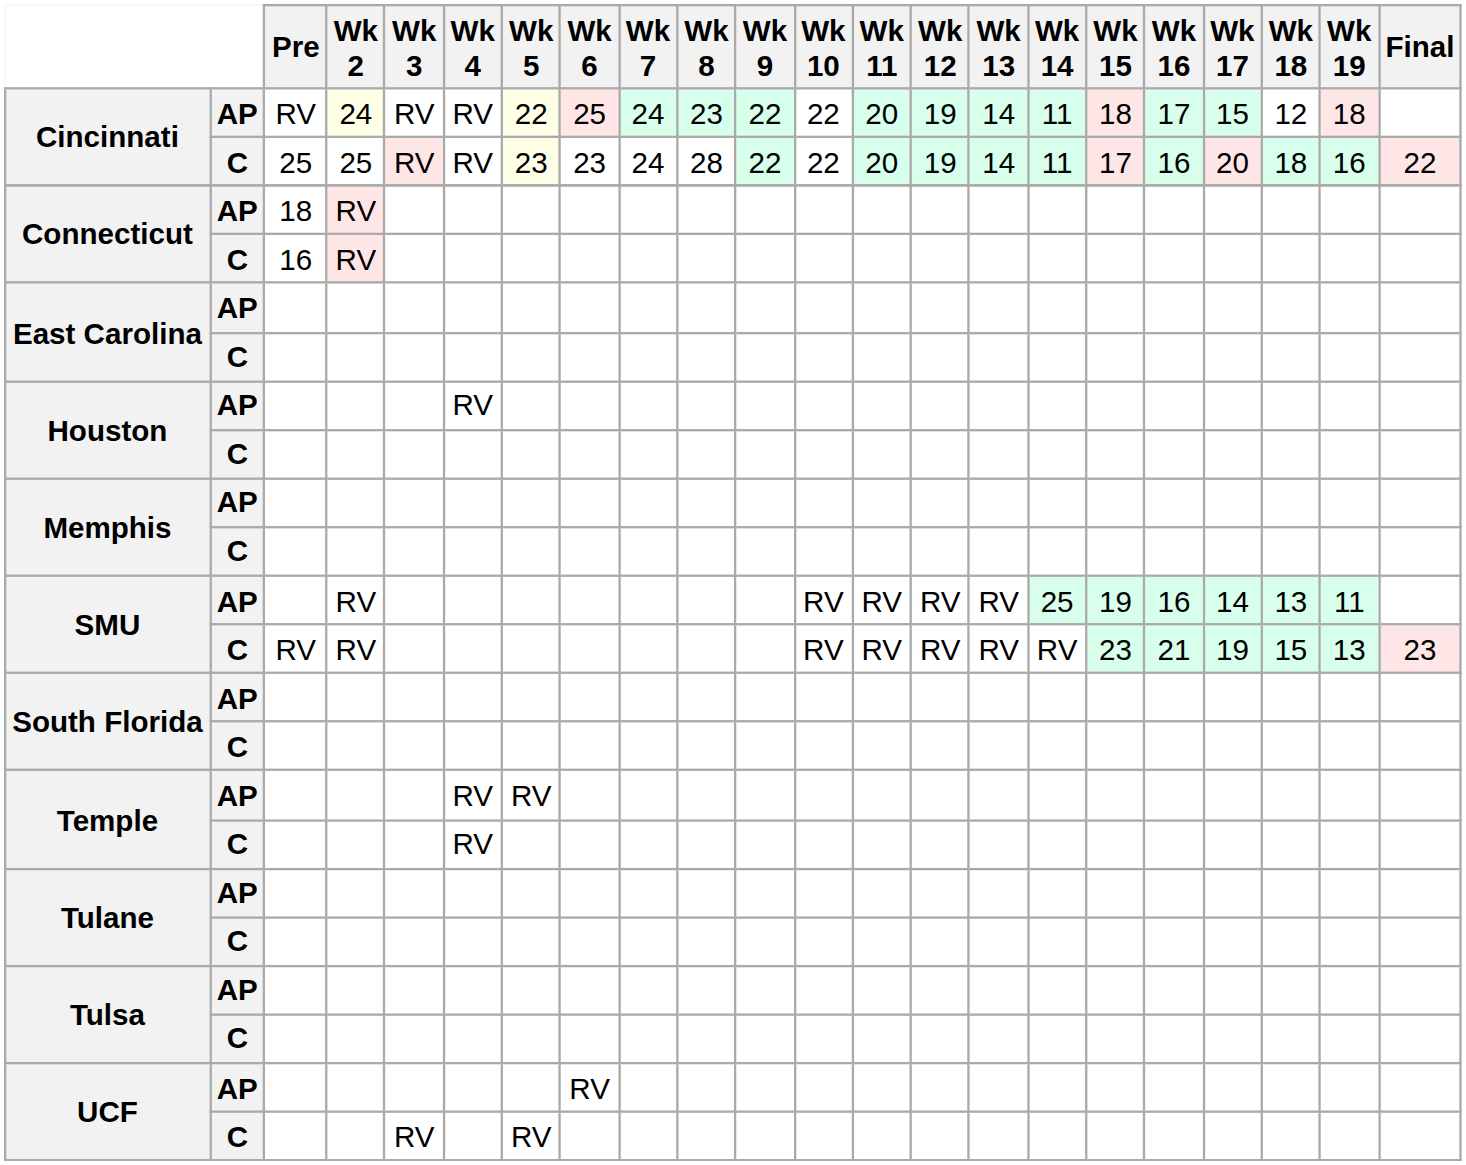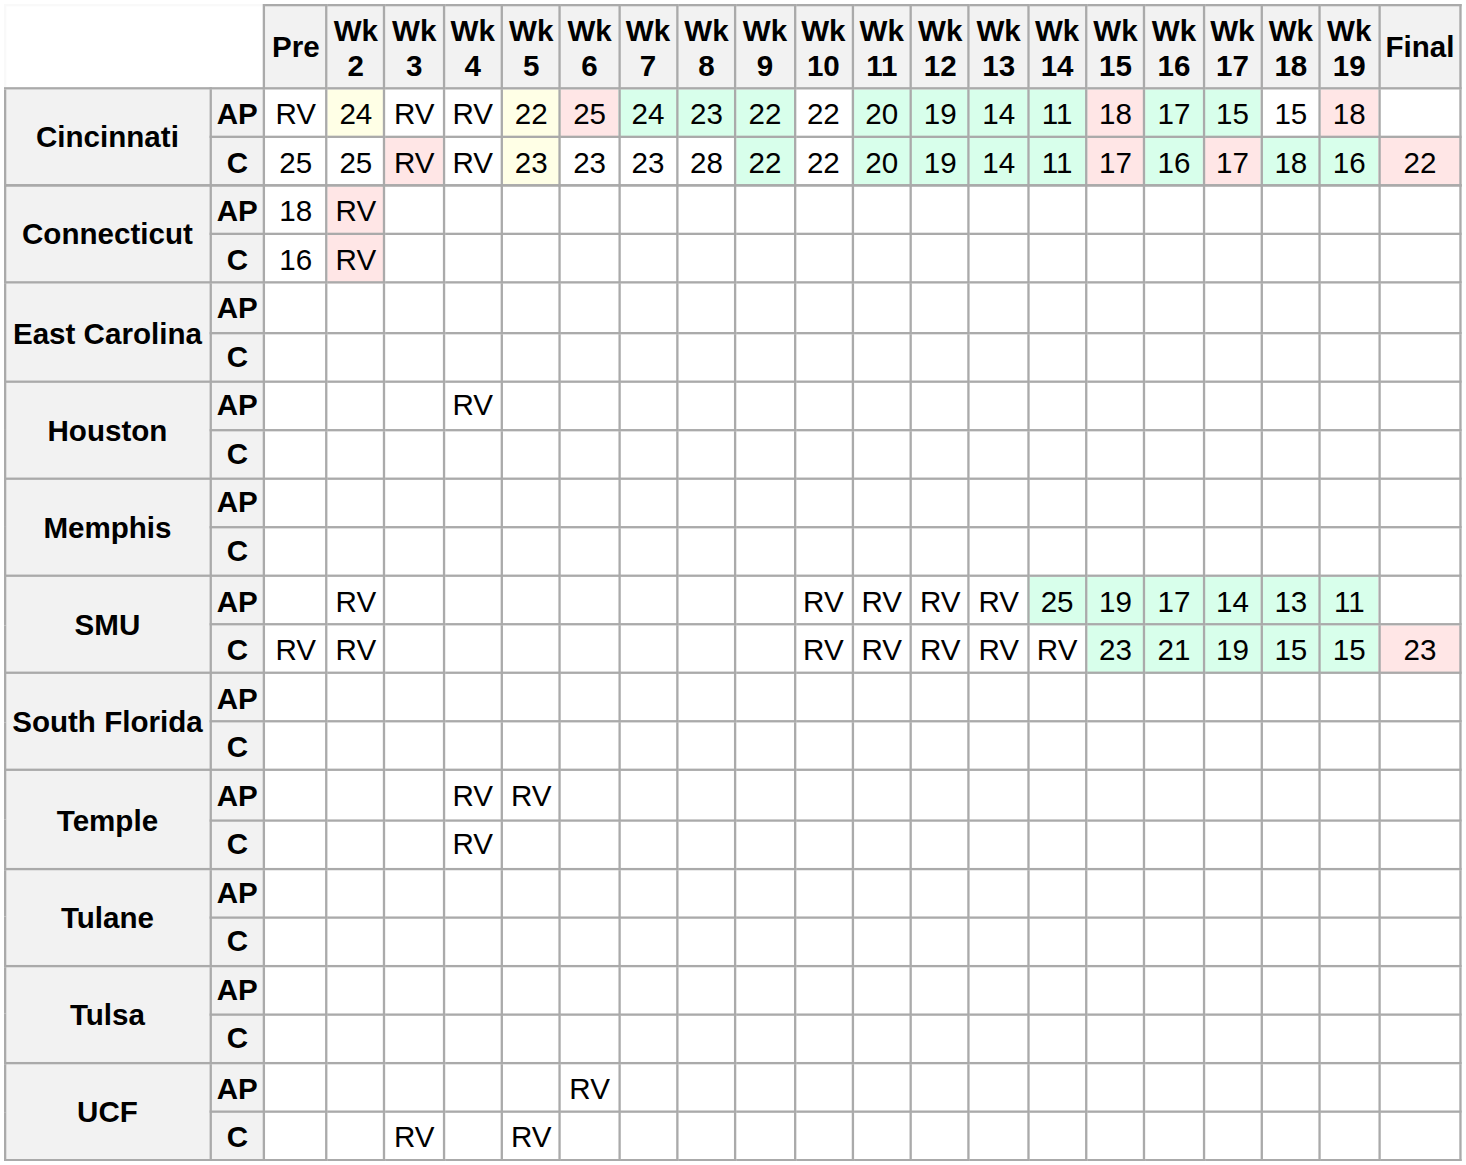 <table class="wikitable" style="white-space:nowrap;font-size:80%;">
 <tr>
 <th colspan="2" style="background:white; border-top-style:hidden; border-left-style:hidden;"> </th>
 <th>Pre</th>
 <th>Wk<br>2</th>
 <th>Wk<br>3</th>
 <th>Wk<br>4</th>
 <th>Wk<br>5</th>
 <th>Wk<br>6</th>
 <th>Wk<br>7</th>
 <th>Wk<br>8</th>
 <th>Wk<br>9</th>
 <th>Wk<br>10</th>
 <th>Wk<br>11</th>
 <th>Wk<br>12</th>
 <th>Wk<br>13</th>
 <th>Wk<br>14</th>
 <th>Wk<br>15</th>
 <th>Wk<br>16</th>
 <th>Wk<br>17</th>
 <th>Wk<br>18</th>
 <th>Wk<br>19</th>
 <th>Final</th>
 </tr>
 <tr style="text-align:center;">
 <th rowspan="2" style=>Cincinnati</th>
 <th>AP</th>
 <td style="background:#FFF;">RV</td>
 <td style="background:#FFFFE6;">24</td>
 <td style="background:#FFF;">RV</td>
 <td style="background:#FFF;">RV</td>
 <td style="background:#FFFFE6;">22</td>
 <td style="background:#FFE6E6;">25</td>
 <td style="background:#D8FFEB;">24</td>
 <td style="background:#D8FFEB;">23</td>
 <td style="background:#D8FFEB;">22</td>
 <td style="background:#FFF;">22</td>
 <td style="background:#D8FFEB;">20</td>
 <td style="background:#D8FFEB;">19</td>
 <td style="background:#D8FFEB;">14</td>
 <td style="background:#D8FFEB;">11</td>
 <td style="background:#FFE6E6;">18</td>
 <td style="background:#D8FFEB;">17</td>
 <td style="background:#D8FFEB;">15</td>
-<td style="background:#FFF;">12</td>
+<td style="background:#FFF;">15</td>
 <td style="background:#FFe6e6;">18</td>
 <td style="background:#FFF;"></td>
 </tr>
 <tr style="text-align:center;">
 <th>C</th>
 <td style="background:#FFF;">25</td>
 <td style="background:#FFF;">25</td>
 <td style="background:#FFE6E6;">RV</td>
 <td style="background:#FFF;">RV</td>
 <td style="background:#FFFFE6;">23</td>
 <td style="background:#FFF;">23</td>
-<td style="background:#FFF;">24</td>
+<td style="background:#FFF;">23</td>
 <td style="background:#FFF;">28</td>
 <td style="background:#D8FFEB;">22</td>
 <td style="background:#FFF;">22</td>
 <td style="background:#D8FFEB;">20</td>
 <td style="background:#D8FFEB;">19</td>
 <td style="background:#D8FFEB;">14</td>
 <td style="background:#D8FFEB;">11</td>
 <td style="background:#FFe6e6;">17</td>
 <td style="background:#D8FFEB;">16</td>
-<td style="background:#FFe6e6;">20</td>
+<td style="background:#FFe6e6;">17</td>
 <td style="background:#D8FFEB;">18</td>
 <td style="background:#D8FFEB;">16</td>
 <td style="background:#FFe6e6;">22</td>
 </tr>
 <tr style="text-align:center;">
 </tr>
 <tr style="text-align:center;">
 <th rowspan="2">Connecticut</th>
 <th>AP</th>
 <td style="background:#FFF;">18</td>
 <td style="background:#FFE6E6;">RV</td>
 <td style="background:#FFF;"></td>
 <td style="background:#FFF;"></td>
 <td style="background:#FFF;"></td>
 <td style="background:#FFF;"></td>
 <td style="background:#FFF;"></td>
 <td style="background:#FFF;"></td>
 <td style="background:#FFF;"></td>
 <td style="background:#FFF;"></td>
 <td style="background:#FFF;"></td>
 <td style="background:#FFF;"></td>
 <td style="background:#FFF;"></td>
 <td style="background:#FFF;"></td>
 <td style="background:#FFF;"></td>
 <td style="background:#FFF;"></td>
 <td style="background:#FFF;"></td>
 <td style="background:#FFF;"></td>
 <td style="background:#FFF;"></td>
 <td style="background:#FFF;"></td>
 </tr>
 <tr style="text-align:center;">
 <th>C</th>
 <td style="background:#FFF;">16</td>
 <td style="background:#FFE6E6;">RV</td>
 <td style="background:#FFF;"></td>
 <td style="background:#FFF;"></td>
 <td style="background:#FFF;"></td>
 <td style="background:#FFF;"></td>
 <td style="background:#FFF;"></td>
 <td style="background:#FFF;"></td>
 <td style="background:#FFF;"></td>
 <td style="background:#FFF;"></td>
 <td style="background:#FFF;"></td>
 <td style="background:#FFF;"></td>
 <td style="background:#FFF;"></td>
 <td style="background:#FFF;"></td>
 <td style="background:#FFF;"></td>
 <td style="background:#FFF;"></td>
 <td style="background:#FFF;"></td>
 <td style="background:#FFF;"></td>
 <td style="background:#FFF;"></td>
 <td style="background:#FFF;"></td>
 </tr>
 <tr style="text-align:center;">
 <th rowspan="2" style=>East Carolina</th>
 <th>AP</th>
 <td style="background:#FFF;"></td>
 <td style="background:#FFF;"></td>
 <td style="background:#FFF;"></td>
 <td style="background:#FFF;"></td>
 <td style="background:#FFF;"></td>
 <td style="background:#FFF;"></td>
 <td style="background:#FFF;"></td>
 <td style="background:#FFF;"></td>
 <td style="background:#FFF;"></td>
 <td style="background:#FFF;"></td>
 <td style="background:#FFF;"></td>
 <td style="background:#FFF;"></td>
 <td style="background:#FFF;"></td>
 <td style="background:#FFF;"></td>
 <td style="background:#FFF;"></td>
 <td style="background:#FFF;"></td>
 <td style="background:#FFF;"></td>
 <td style="background:#FFF;"></td>
 <td style="background:#FFF;"></td>
 <td style="background:#FFF;"></td>
 </tr>
 <tr style="text-align:center;">
 <th>C</th>
 <td style="background:#FFF;"></td>
 <td style="background:#FFF;"></td>
 <td style="background:#FFF;"></td>
 <td style="background:#FFF;"></td>
 <td style="background:#FFF;"></td>
 <td style="background:#FFF;"></td>
 <td style="background:#FFF;"></td>
 <td style="background:#FFF;"></td>
 <td style="background:#FFF;"></td>
 <td style="background:#FFF;"></td>
 <td style="background:#FFF;"></td>
 <td style="background:#FFF;"></td>
 <td style="background:#FFF;"></td>
 <td style="background:#FFF;"></td>
 <td style="background:#FFF;"></td>
 <td style="background:#FFF;"></td>
 <td style="background:#FFF;"></td>
 <td style="background:#FFF;"></td>
 <td style="background:#FFF;"></td>
 <td style="background:#FFF;"></td>
 </tr>
 <tr style="text-align:center;">
 <th rowspan="2">Houston</th>
 <th>AP</th>
 <td style="background:#FFF;"></td>
 <td style="background:#FFF;"></td>
 <td style="background:#FFF;"></td>
 <td style="background:#FFF;">RV</td>
 <td style="background:#FFF;"></td>
 <td style="background:#FFF;"></td>
 <td style="background:#FFF;"></td>
 <td style="background:#FFF;"></td>
 <td style="background:#FFF;"></td>
 <td style="background:#FFF;"></td>
 <td style="background:#FFF;"></td>
 <td style="background:#FFF;"></td>
 <td style="background:#FFF;"></td>
 <td style="background:#FFF;"></td>
 <td style="background:#FFF;"></td>
 <td style="background:#FFF;"></td>
 <td style="background:#FFF;"></td>
 <td style="background:#FFF;"></td>
 <td style="background:#FFF;"></td>
 <td style="background:#FFF;"></td>
 </tr>
 <tr style="text-align:center;">
 <th>C</th>
 <td style="background:#FFF;"></td>
 <td style="background:#FFF;"></td>
 <td style="background:#FFF;"></td>
 <td style="background:#FFF;"></td>
 <td style="background:#FFF;"></td>
 <td style="background:#FFF;"></td>
 <td style="background:#FFF;"></td>
 <td style="background:#FFF;"></td>
 <td style="background:#FFF;"></td>
 <td style="background:#FFF;"></td>
 <td style="background:#FFF;"></td>
 <td style="background:#FFF;"></td>
 <td style="background:#FFF;"></td>
 <td style="background:#FFF;"></td>
 <td style="background:#FFF;"></td>
 <td style="background:#FFF;"></td>
 <td style="background:#FFF;"></td>
 <td style="background:#FFF;"></td>
 <td style="background:#FFF;"></td>
 <td style="background:#FFF;"></td>
 </tr>
 <tr style="text-align:center;">
 <th rowspan="2">Memphis</th>
 <th>AP</th>
 <td style="background:#FFF;"></td>
 <td style="background:#FFF;"></td>
 <td style="background:#FFF;"></td>
 <td style="background:#FFF;"></td>
 <td style="background:#FFF;"></td>
 <td style="background:#FFF;"></td>
 <td style="background:#FFF;"></td>
 <td style="background:#FFF;"></td>
 <td style="background:#FFF;"></td>
 <td style="background:#FFF;"></td>
 <td style="background:#FFF;"></td>
 <td style="background:#FFF;"></td>
 <td style="background:#FFF;"></td>
 <td style="background:#FFF;"></td>
 <td style="background:#FFF;"></td>
 <td style="background:#FFF;"></td>
 <td style="background:#FFF;"></td>
 <td style="background:#FFF;"></td>
 <td style="background:#FFF;"></td>
 <td style="background:#FFF;"></td>
 </tr>
 <tr style="text-align:center;">
 <th>C</th>
 <td style="background:#FFF;"></td>
 <td style="background:#FFF;"></td>
 <td style="background:#FFF;"></td>
 <td style="background:#FFF;"></td>
 <td style="background:#FFF;"></td>
 <td style="background:#FFF;"></td>
 <td style="background:#FFF;"></td>
 <td style="background:#FFF;"></td>
 <td style="background:#FFF;"></td>
 <td style="background:#FFF;"></td>
 <td style="background:#FFF;"></td>
 <td style="background:#FFF;"></td>
 <td style="background:#FFF;"></td>
 <td style="background:#FFF;"></td>
 <td style="background:#FFF;"></td>
 <td style="background:#FFF;"></td>
 <td style="background:#FFF;"></td>
 <td style="background:#FFF;"></td>
 <td style="background:#FFF;"></td>
 <td style="background:#FFF;"></td>
 </tr>
 <tr style="text-align:center;">
 <th rowspan="2">SMU</th>
 <th>AP</th>
 <td style="background:#FFF;"></td>
 <td style="background:#FFF;">RV</td>
 <td style="background:#FFF;"></td>
 <td style="background:#FFF;"></td>
 <td style="background:#FFF;"></td>
 <td style="background:#FFF;"></td>
 <td style="background:#FFF;"></td>
 <td style="background:#FFF;"></td>
 <td style="background:#FFF;"></td>
 <td style="background:#FFF;">RV</td>
 <td style="background:#FFF;">RV</td>
 <td style="background:#FFF;">RV</td>
 <td style="background:#FFF;">RV</td>
 <td style="background:#D8FFEB;">25</td>
 <td style="background:#D8FFEB;">19</td>
-<td style="background:#D8FFEB;">16</td>
+<td style="background:#D8FFEB;">17</td>
 <td style="background:#D8FFEB;">14</td>
 <td style="background:#D8FFEB;">13</td>
 <td style="background:#D8FFEB;">11</td>
 <td style="background:#FFF;"></td>
 </tr>
 <tr style="text-align:center;">
 <th>C</th>
 <td style="background:#FFF;">RV</td>
 <td style="background:#FFF;">RV</td>
 <td style="background:#FFF;"></td>
 <td style="background:#FFF;"></td>
 <td style="background:#FFF;"></td>
 <td style="background:#FFF;"></td>
 <td style="background:#FFF;"></td>
 <td style="background:#FFF;"></td>
 <td style="background:#FFF;"></td>
 <td style="background:#FFF;">RV</td>
 <td style="background:#FFF;">RV</td>
 <td style="background:#FFF;">RV</td>
 <td style="background:#FFF;">RV</td>
 <td style="background:#FFF;">RV</td>
 <td style="background:#D8FFEB;">23</td>
 <td style="background:#D8FFEB;">21</td>
 <td style="background:#D8FFEB;">19</td>
 <td style="background:#D8FFEB;">15</td>
-<td style="background:#D8FFEB;">13</td>
+<td style="background:#D8FFEB;">15</td>
 <td style="background:#FFe6e6;">23</td>
 </tr>
 <tr style="text-align:center;">
 <th rowspan="2">South Florida</th>
 <th>AP</th>
 <td style="background:#FFF;"></td>
 <td style="background:#FFF;"></td>
 <td style="background:#FFF;"></td>
 <td style="background:#FFF;"></td>
 <td style="background:#FFF;"></td>
 <td style="background:#FFF;"></td>
 <td style="background:#FFF;"></td>
 <td style="background:#FFF;"></td>
 <td style="background:#FFF;"></td>
 <td style="background:#FFF;"></td>
 <td style="background:#FFF;"></td>
 <td style="background:#FFF;"></td>
 <td style="background:#FFF;"></td>
 <td style="background:#FFF;"></td>
 <td style="background:#FFF;"></td>
 <td style="background:#FFF;"></td>
 <td style="background:#FFF;"></td>
 <td style="background:#FFF;"></td>
 <td style="background:#FFF;"></td>
 <td style="background:#FFF;"></td>
 </tr>
 <tr style="text-align:center;">
 <th>C</th>
 <td style="background:#FFF;"></td>
 <td style="background:#FFF;"></td>
 <td style="background:#FFF;"></td>
 <td style="background:#FFF;"></td>
 <td style="background:#FFF;"></td>
 <td style="background:#FFF;"></td>
 <td style="background:#FFF;"></td>
 <td style="background:#FFF;"></td>
 <td style="background:#FFF;"></td>
 <td style="background:#FFF;"></td>
 <td style="background:#FFF;"></td>
 <td style="background:#FFF;"></td>
 <td style="background:#FFF;"></td>
 <td style="background:#FFF;"></td>
 <td style="background:#FFF;"></td>
 <td style="background:#FFF;"></td>
 <td style="background:#FFF;"></td>
 <td style="background:#FFF;"></td>
 <td style="background:#FFF;"></td>
 <td style="background:#FFF;"></td>
 </tr>
 <tr style="text-align:center;">
 <th rowspan="2">Temple</th>
 <th>AP</th>
 <td style="background:#FFF;"></td>
 <td style="background:#FFF;"></td>
 <td style="background:#FFF;"></td>
 <td style="background:#FFF;">RV</td>
 <td style="background:#FFF;">RV</td>
 <td style="background:#FFF;"></td>
 <td style="background:#FFF;"></td>
 <td style="background:#FFF;"></td>
 <td style="background:#FFF;"></td>
 <td style="background:#FFF;"></td>
 <td style="background:#FFF;"></td>
 <td style="background:#FFF;"></td>
 <td style="background:#FFF;"></td>
 <td style="background:#FFF;"></td>
 <td style="background:#FFF;"></td>
 <td style="background:#FFF;"></td>
 <td style="background:#FFF;"></td>
 <td style="background:#FFF;"></td>
 <td style="background:#FFF;"></td>
 <td style="background:#FFF;"></td>
 </tr>
 <tr style="text-align:center;">
 <th>C</th>
 <td style="background:#FFF;"></td>
 <td style="background:#FFF;"></td>
 <td style="background:#FFF;"></td>
 <td style="background:#FFF;">RV</td>
 <td style="background:#FFF;"></td>
 <td style="background:#FFF;"></td>
 <td style="background:#FFF;"></td>
 <td style="background:#FFF;"></td>
 <td style="background:#FFF;"></td>
 <td style="background:#FFF;"></td>
 <td style="background:#FFF;"></td>
 <td style="background:#FFF;"></td>
 <td style="background:#FFF;"></td>
 <td style="background:#FFF;"></td>
 <td style="background:#FFF;"></td>
 <td style="background:#FFF;"></td>
 <td style="background:#FFF;"></td>
 <td style="background:#FFF;"></td>
 <td style="background:#FFF;"></td>
 <td style="background:#FFF;"></td>
 </tr>
 <tr style="text-align:center;">
 <th rowspan="2">Tulane</th>
 <th>AP</th>
 <td style="background:#FFF;"></td>
 <td style="background:#FFF;"></td>
 <td style="background:#FFF;"></td>
 <td style="background:#FFF;"></td>
 <td style="background:#FFF;"></td>
 <td style="background:#FFF;"></td>
 <td style="background:#FFF;"></td>
 <td style="background:#FFF;"></td>
 <td style="background:#FFF;"></td>
 <td style="background:#FFF;"></td>
 <td style="background:#FFF;"></td>
 <td style="background:#FFF;"></td>
 <td style="background:#FFF;"></td>
 <td style="background:#FFF;"></td>
 <td style="background:#FFF;"></td>
 <td style="background:#FFF;"></td>
 <td style="background:#FFF;"></td>
 <td style="background:#FFF;"></td>
 <td style="background:#FFF;"></td>
 <td style="background:#FFF;"></td>
 </tr>
 <tr style="text-align:center;">
 <th>C</th>
 <td style="background:#FFF;"></td>
 <td style="background:#FFF;"></td>
 <td style="background:#FFF;"></td>
 <td style="background:#FFF;"></td>
 <td style="background:#FFF;"></td>
 <td style="background:#FFF;"></td>
 <td style="background:#FFF;"></td>
 <td style="background:#FFF;"></td>
 <td style="background:#FFF;"></td>
 <td style="background:#FFF;"></td>
 <td style="background:#FFF;"></td>
 <td style="background:#FFF;"></td>
 <td style="background:#FFF;"></td>
 <td style="background:#FFF;"></td>
 <td style="background:#FFF;"></td>
 <td style="background:#FFF;"></td>
 <td style="background:#FFF;"></td>
 <td style="background:#FFF;"></td>
 <td style="background:#FFF;"></td>
 <td style="background:#FFF;"></td>
 </tr>
 <tr style="text-align:center;">
 <th rowspan="2">Tulsa</th>
 <th>AP</th>
 <td style="background:#FFF;"></td>
 <td style="background:#FFF;"></td>
 <td style="background:#FFF;"></td>
 <td style="background:#FFF;"></td>
 <td style="background:#FFF;"></td>
 <td style="background:#FFF;"></td>
 <td style="background:#FFF;"></td>
 <td style="background:#FFF;"></td>
 <td style="background:#FFF;"></td>
 <td style="background:#FFF;"></td>
 <td style="background:#FFF;"></td>
 <td style="background:#FFF;"></td>
 <td style="background:#FFF;"></td>
 <td style="background:#FFF;"></td>
 <td style="background:#FFF;"></td>
 <td style="background:#FFF;"></td>
 <td style="background:#FFF;"></td>
 <td style="background:#FFF;"></td>
 <td style="background:#FFF;"></td>
 <td style="background:#FFF;"></td>
 </tr>
 <tr style="text-align:center;">
 <th>C</th>
 <td style="background:#FFF;"></td>
 <td style="background:#FFF;"></td>
 <td style="background:#FFF;"></td>
 <td style="background:#FFF;"></td>
 <td style="background:#FFF;"></td>
 <td style="background:#FFF;"></td>
 <td style="background:#FFF;"></td>
 <td style="background:#FFF;"></td>
 <td style="background:#FFF;"></td>
 <td style="background:#FFF;"></td>
 <td style="background:#FFF;"></td>
 <td style="background:#FFF;"></td>
 <td style="background:#FFF;"></td>
 <td style="background:#FFF;"></td>
 <td style="background:#FFF;"></td>
 <td style="background:#FFF;"></td>
 <td style="background:#FFF;"></td>
 <td style="background:#FFF;"></td>
 <td style="background:#FFF;"></td>
 <td style="background:#FFF;"></td>
 </tr>
 <tr style="text-align:center;">
 <th rowspan="2" style=>UCF</th>
 <th>AP</th>
 <td style="background:#FFF;"></td>
 <td style="background:#FFF;"></td>
 <td style="background:#FFF;"></td>
 <td style="background:#FFF;"></td>
 <td style="background:#FFF;"></td>
 <td style="background:#FFF;">RV</td>
 <td style="background:#FFF;"></td>
 <td style="background:#FFF;"></td>
 <td style="background:#FFF;"></td>
 <td style="background:#FFF;"></td>
 <td style="background:#FFF;"></td>
 <td style="background:#FFF;"></td>
 <td style="background:#FFF;"></td>
 <td style="background:#FFF;"></td>
 <td style="background:#FFF;"></td>
 <td style="background:#FFF;"></td>
 <td style="background:#FFF;"></td>
 <td style="background:#FFF;"></td>
 <td style="background:#FFF;"></td>
 <td style="background:#FFF;"></td>
 </tr>
 <tr style="text-align:center;">
 <th>C</th>
 <td style="background:#FFF;"></td>
 <td style="background:#FFF;"></td>
 <td style="background:#FFF;">RV</td>
 <td style="background:#FFF;"></td>
 <td style="background:#FFF;">RV</td>
 <td style="background:#FFF;"></td>
 <td style="background:#FFF;"></td>
 <td style="background:#FFF;"></td>
 <td style="background:#FFF;"></td>
 <td style="background:#FFF;"></td>
 <td style="background:#FFF;"></td>
 <td style="background:#FFF;"></td>
 <td style="background:#FFF;"></td>
 <td style="background:#FFF;"></td>
 <td style="background:#FFF;"></td>
 <td style="background:#FFF;"></td>
 <td style="background:#FFF;"></td>
 <td style="background:#FFF;"></td>
 <td style="background:#FFF;"></td>
 <td style="background:#FFF;"></td>
 </tr>
 </table>
